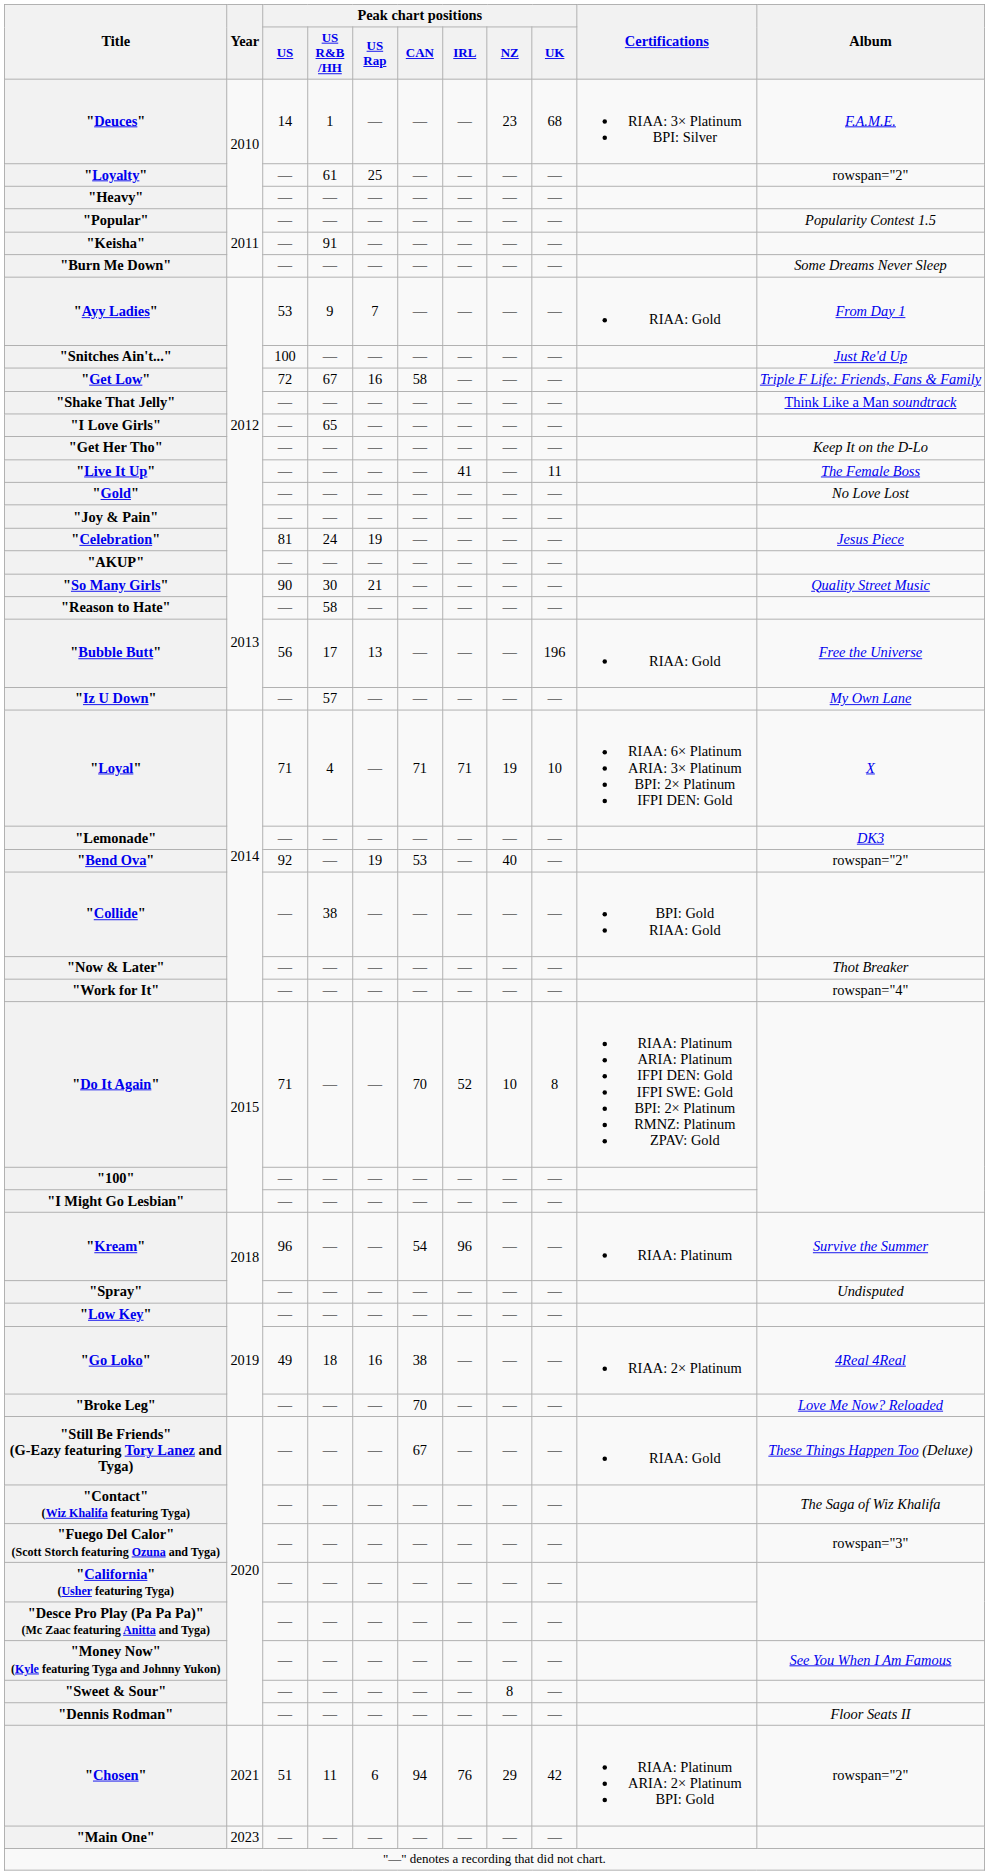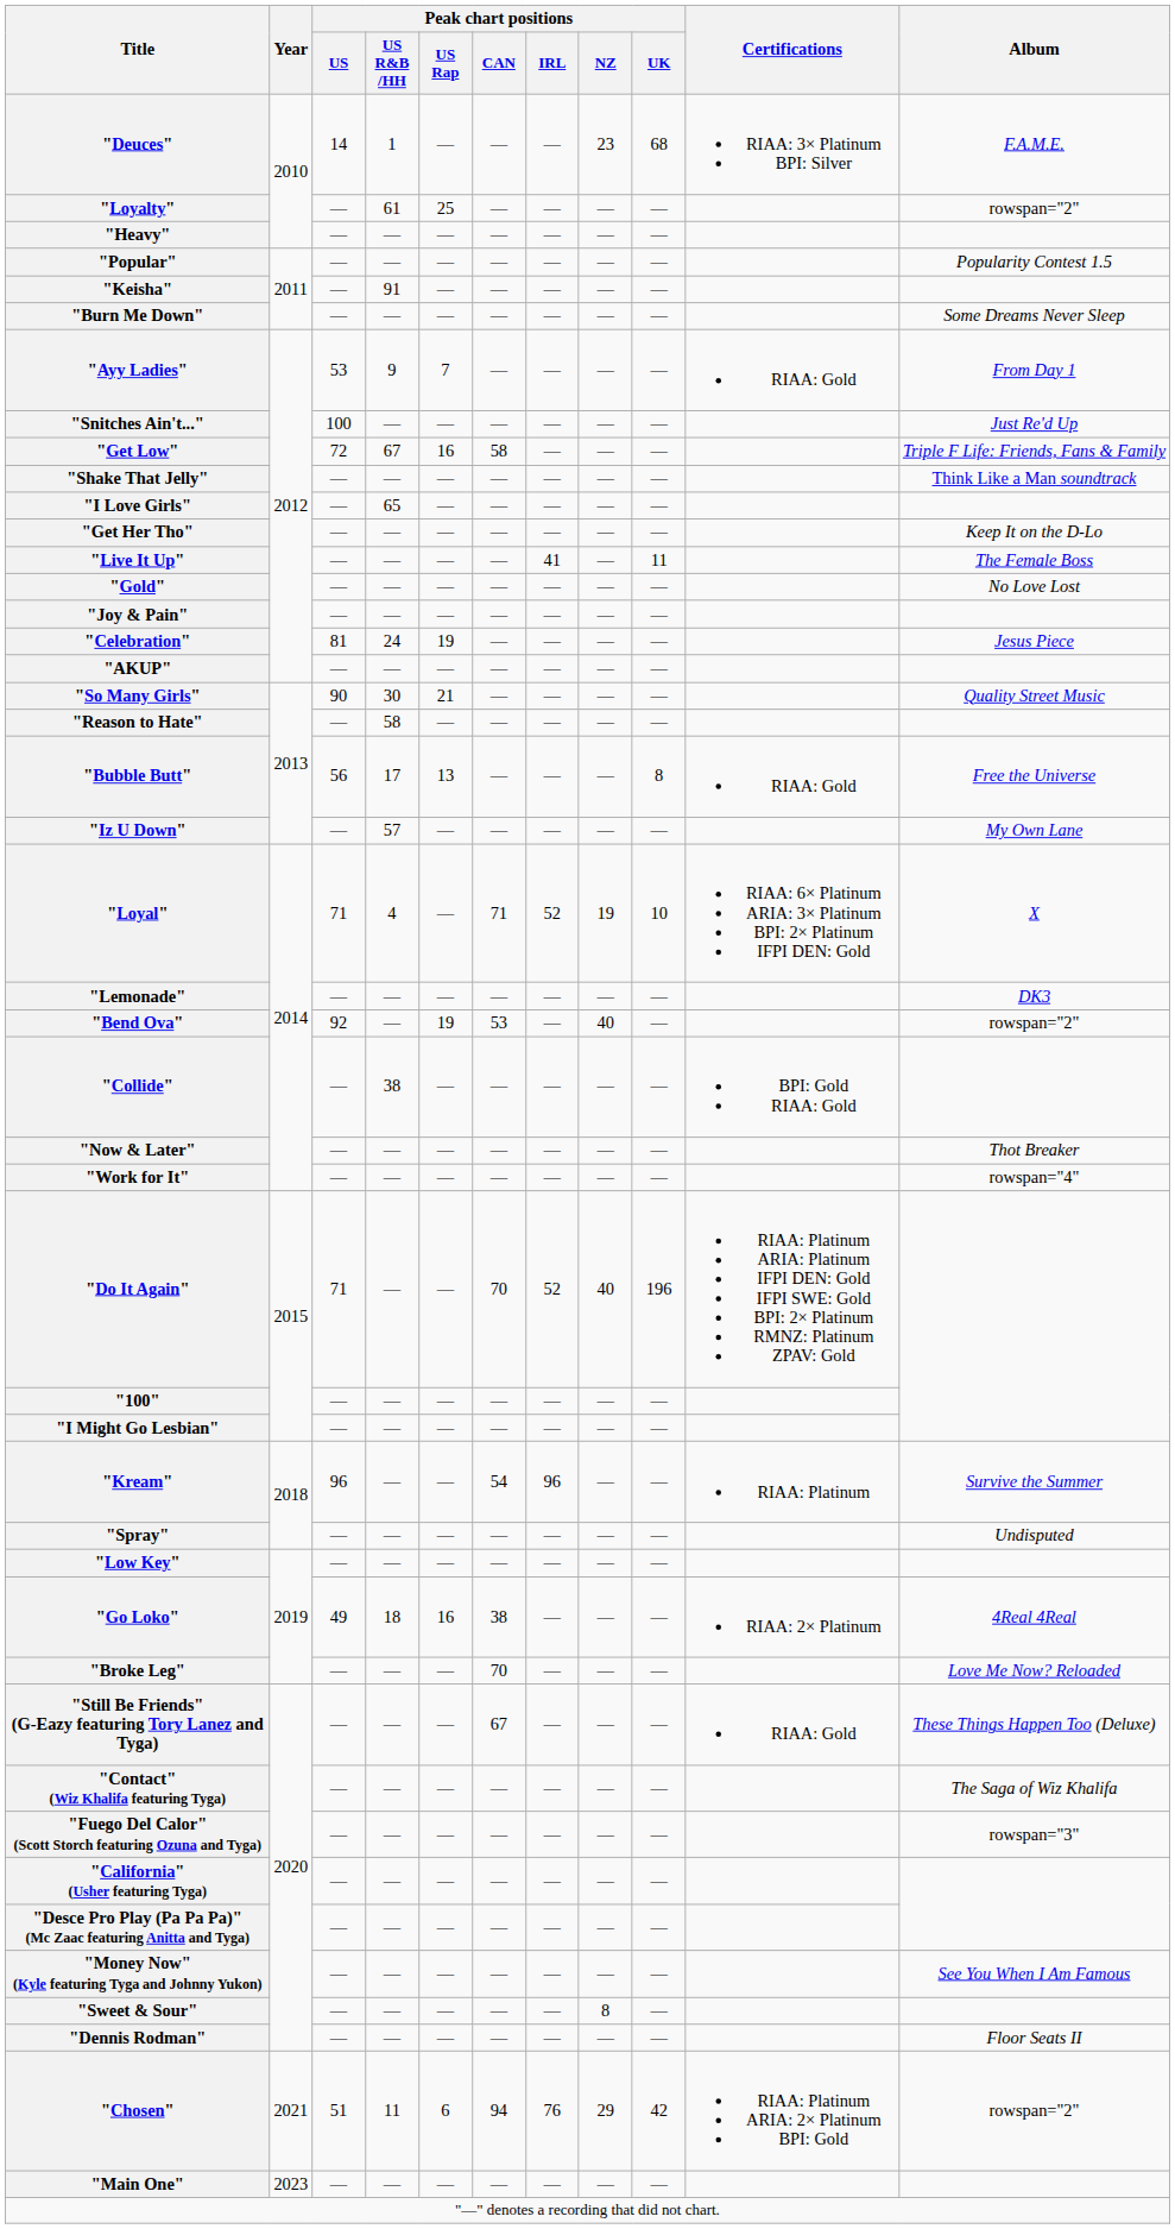 <table class="wikitable plainrowheaders" style="text-align:center;">
 <tr>
 <th scope="col" rowspan="2" style="width:15em;">Title</th>
 <th scope="col" rowspan="2">Year</th>
 <th scope="col" colspan="7">Peak chart positions</th>
 <th scope="col" rowspan="2" style="width:12em;"><a href='#'>Certifications</a></th>
 <th scope="col" rowspan="2">Album</th>
 </tr>
 <tr>
 <th style="width:3em; font-size:90%"><a href='#'>US</a><br></th>
 <th style="width:3em; font-size:90%"><a href='#'>US<br>R&B<br>/HH</a><br></th>
 <th style="width:3em; font-size:90%"><a href='#'>US<br>Rap</a><br></th>
 <th style="width:3em; font-size:90%"><a href='#'>CAN</a><br></th>
 <th style="width:3em; font-size:90%"><a href='#'>IRL</a><br></th>
 <th style="width:3em; font-size:90%"><a href='#'>NZ</a><br></th>
 <th style="width:3em; font-size:90%"><a href='#'>UK</a><br></th>
 </tr>
 <tr>
 <th scope="row">"<a href='#'>Deuces</a>"<br></th>
 <td rowspan="3">2010</td>
 <td>14</td>
 <td>1</td>
 <td>—</td>
 <td>—</td>
 <td>—</td>
 <td>23</td>
 <td>68</td>
 <td><br><ul><li>RIAA: 3× Platinum</li><li>BPI: Silver</li></ul></td>
 <td><em><a href='#'>F.A.M.E.</a></em></td>
 </tr>
 <tr>
 <th scope="row">"<a href='#'>Loyalty</a>"<br></th>
 <td>—</td>
 <td>61</td>
 <td>25</td>
 <td>—</td>
 <td>—</td>
 <td>—</td>
 <td>—</td>
 <td></td>
 <td>rowspan="2" </td>
 </tr>
 <tr>
 <th scope="row">"Heavy"<br></th>
 <td>—</td>
 <td>—</td>
 <td>—</td>
 <td>—</td>
 <td>—</td>
 <td>—</td>
 <td>—</td>
 <td></td>
 </tr>
 <tr>
 <th scope="row">"Popular"<br></th>
 <td rowspan="3">2011</td>
 <td>—</td>
 <td>—</td>
 <td>—</td>
 <td>—</td>
 <td>—</td>
 <td>—</td>
 <td>—</td>
 <td></td>
 <td><em>Popularity Contest 1.5</em></td>
 </tr>
 <tr>
 <th scope="row">"Keisha"<br></th>
 <td>—</td>
 <td>91</td>
 <td>—</td>
 <td>—</td>
 <td>—</td>
 <td>—</td>
 <td>—</td>
 <td></td>
 <td></td>
 </tr>
 <tr>
 <th scope="row">"Burn Me Down"<br></th>
 <td>—</td>
 <td>—</td>
 <td>—</td>
 <td>—</td>
 <td>—</td>
 <td>—</td>
 <td>—</td>
 <td></td>
 <td><em>Some Dreams Never Sleep</em></td>
 </tr>
 <tr>
 <th scope="row">"<a href='#'>Ayy Ladies</a>"<br></th>
 <td rowspan="11">2012</td>
 <td>53</td>
 <td>9</td>
 <td>7</td>
 <td>—</td>
 <td>—</td>
 <td>—</td>
 <td>—</td>
 <td><br><ul><li>RIAA: Gold</li></ul></td>
 <td><em><a href='#'>From Day 1</a></em></td>
 </tr>
 <tr>
 <th scope="row">"Snitches Ain't..."<br></th>
 <td>100</td>
 <td>—</td>
 <td>—</td>
 <td>—</td>
 <td>—</td>
 <td>—</td>
 <td>—</td>
 <td></td>
 <td><em><a href='#'>Just Re'd Up</a></em></td>
 </tr>
 <tr>
 <th scope="row">"<a href='#'>Get Low</a>"<br></th>
 <td>72</td>
 <td>67</td>
 <td>16</td>
 <td>58</td>
 <td>—</td>
 <td>—</td>
 <td>—</td>
 <td></td>
 <td><em><a href='#'>Triple F Life: Friends, Fans & Family</a></em></td>
 </tr>
 <tr>
 <th scope="row">"Shake That Jelly"<br></th>
 <td>—</td>
 <td>—</td>
 <td>—</td>
 <td>—</td>
 <td>—</td>
 <td>—</td>
 <td>—</td>
 <td></td>
 <td><em><a href='#'></em>Think Like a Man<em> soundtrack</a></em></td>
 </tr>
 <tr>
 <th scope="row">"I Love Girls"<br></th>
 <td>—</td>
 <td>65</td>
 <td>—</td>
 <td>—</td>
 <td>—</td>
 <td>—</td>
 <td>—</td>
 <td></td>
 <td></td>
 </tr>
 <tr>
 <th scope="row">"Get Her Tho"<br></th>
 <td>—</td>
 <td>—</td>
 <td>—</td>
 <td>—</td>
 <td>—</td>
 <td>—</td>
 <td>—</td>
 <td></td>
 <td><em>Keep It on the D-Lo</em></td>
 </tr>
 <tr>
 <th scope="row">"<a href='#'>Live It Up</a>"<br></th>
 <td>—</td>
 <td>—</td>
 <td>—</td>
 <td>—</td>
 <td>41</td>
 <td>—</td>
 <td>11</td>
 <td></td>
 <td><em><a href='#'>The Female Boss</a></em></td>
 </tr>
 <tr>
 <th scope="row">"<a href='#'>Gold</a>"<br></th>
 <td>—</td>
 <td>—</td>
 <td>—</td>
 <td>—</td>
 <td>—</td>
 <td>—</td>
 <td>—</td>
 <td></td>
 <td><em>No Love Lost</em></td>
 </tr>
 <tr>
 <th scope="row">"Joy & Pain"<br></th>
 <td>—</td>
 <td>—</td>
 <td>—</td>
 <td>—</td>
 <td>—</td>
 <td>—</td>
 <td>—</td>
 <td></td>
 </tr>
 <tr>
 <th scope="row">"<a href='#'>Celebration</a>"<br></th>
 <td>81</td>
 <td>24</td>
 <td>19</td>
 <td>—</td>
 <td>—</td>
 <td>—</td>
 <td>—</td>
 <td></td>
 <td><em><a href='#'>Jesus Piece</a></em></td>
 </tr>
 <tr>
 <th scope="row">"AKUP"<br></th>
 <td>—</td>
 <td>—</td>
 <td>—</td>
 <td>—</td>
 <td>—</td>
 <td>—</td>
 <td>—</td>
 <td></td>
 <td></td>
 </tr>
 <tr>
 <th scope="row">"<a href='#'>So Many Girls</a>"<br></th>
 <td rowspan="4">2013</td>
 <td>90</td>
 <td>30</td>
 <td>21</td>
 <td>—</td>
 <td>—</td>
 <td>—</td>
 <td>—</td>
 <td></td>
 <td><em><a href='#'>Quality Street Music</a></em></td>
 </tr>
 <tr>
 <th scope="row">"Reason to Hate"<br></th>
 <td>—</td>
 <td>58</td>
 <td>—</td>
 <td>—</td>
 <td>—</td>
 <td>—</td>
 <td>—</td>
 <td></td>
 <td></td>
 </tr>
 <tr>
 <th scope="row">"<a href='#'>Bubble Butt</a>"<br></th>
 <td>56</td>
 <td>17</td>
 <td>13</td>
 <td>—</td>
 <td>—</td>
 <td>—</td>
-<td>196</td>
+<td>8</td>
 <td><br><ul><li>RIAA: Gold</li></ul></td>
 <td><em><a href='#'>Free the Universe</a></em></td>
 </tr>
 <tr>
 <th scope="row">"<a href='#'>Iz U Down</a>"<br></th>
 <td>—</td>
 <td>57</td>
 <td>—</td>
 <td>—</td>
 <td>—</td>
 <td>—</td>
 <td>—</td>
 <td></td>
 <td><em><a href='#'>My Own Lane</a></em></td>
 </tr>
 <tr>
 <th scope="row">"<a href='#'>Loyal</a>"<br></th>
 <td rowspan="6">2014</td>
 <td>71</td>
 <td>4</td>
 <td>—</td>
 <td>71</td>
-<td>71</td>
+<td>52</td>
 <td>19</td>
 <td>10</td>
 <td><br><ul><li>RIAA: 6× Platinum</li><li>ARIA: 3× Platinum</li><li>BPI: 2× Platinum</li><li>IFPI DEN: Gold</li></ul></td>
 <td><em><a href='#'>X</a></em></td>
 </tr>
 <tr>
 <th scope="row">"Lemonade"<br></th>
 <td>—</td>
 <td>—</td>
 <td>—</td>
 <td>—</td>
 <td>—</td>
 <td>—</td>
 <td>—</td>
 <td></td>
 <td><em><a href='#'>DK3</a></em></td>
 </tr>
 <tr>
 <th scope="row">"<a href='#'>Bend Ova</a>"<br></th>
 <td>92</td>
 <td>—</td>
 <td>19</td>
 <td>53</td>
 <td>—</td>
 <td>40</td>
 <td>—</td>
 <td></td>
 <td>rowspan="2" </td>
 </tr>
 <tr>
 <th scope="row">"<a href='#'>Collide</a>"<br></th>
 <td>—</td>
 <td>38</td>
 <td>—</td>
 <td>—</td>
 <td>—</td>
 <td>—</td>
 <td>—</td>
 <td><br><ul><li>BPI: Gold</li><li>RIAA: Gold</li></ul></td>
 </tr>
 <tr>
 <th scope="row">"Now & Later"<br></th>
 <td>—</td>
 <td>—</td>
 <td>—</td>
 <td>—</td>
 <td>—</td>
 <td>—</td>
 <td>—</td>
 <td></td>
 <td><em>Thot Breaker</em></td>
 </tr>
 <tr>
 <th scope="row">"Work for It"<br></th>
 <td>—</td>
 <td>—</td>
 <td>—</td>
 <td>—</td>
 <td>—</td>
 <td>—</td>
 <td>—</td>
 <td></td>
 <td>rowspan="4" </td>
 </tr>
 <tr>
 <th scope="row">"<a href='#'>Do It Again</a>"<br></th>
 <td rowspan="3">2015</td>
 <td>71</td>
 <td>—</td>
 <td>—</td>
 <td>70</td>
 <td>52</td>
-<td>10</td>
-<td>8</td>
+<td>40</td>
+<td>196</td>
 <td><br><ul><li>RIAA: Platinum</li><li>ARIA: Platinum</li><li>IFPI DEN: Gold</li><li>IFPI SWE: Gold</li><li>BPI: 2× Platinum</li><li>RMNZ: Platinum</li><li>ZPAV: Gold</li></ul></td>
 </tr>
 <tr>
 <th scope="row">"100"<br></th>
 <td>—</td>
 <td>—</td>
 <td>—</td>
 <td>—</td>
 <td>—</td>
 <td>—</td>
 <td>—</td>
 <td></td>
 </tr>
 <tr>
 <th scope="row">"I Might Go Lesbian"<br></th>
 <td>—</td>
 <td>—</td>
 <td>—</td>
 <td>—</td>
 <td>—</td>
 <td>—</td>
 <td>—</td>
 <td></td>
 </tr>
 <tr>
 <th scope="row">"<a href='#'>Kream</a>"<br></th>
 <td rowspan="2">2018</td>
 <td>96</td>
 <td>—</td>
 <td>—</td>
 <td>54</td>
 <td>96</td>
 <td>—</td>
 <td>—</td>
 <td><br><ul><li>RIAA: Platinum</li></ul></td>
 <td><em><a href='#'>Survive the Summer</a></em></td>
 </tr>
 <tr>
 <th scope="row">"Spray"<br></th>
 <td>—</td>
 <td>—</td>
 <td>—</td>
 <td>—</td>
 <td>—</td>
 <td>—</td>
 <td>—</td>
 <td></td>
 <td><em>Undisputed</em></td>
 </tr>
 <tr>
 <th scope="row">"<a href='#'>Low Key</a>"<br></th>
 <td rowspan="3">2019</td>
 <td>—</td>
 <td>—</td>
 <td>—</td>
 <td>—</td>
 <td>—</td>
 <td>—</td>
 <td>—</td>
 <td></td>
 <td></td>
 </tr>
 <tr>
 <th scope="row">"<a href='#'>Go Loko</a>"<br></th>
 <td>49</td>
 <td>18</td>
 <td>16</td>
 <td>38</td>
 <td>—</td>
 <td>—</td>
 <td>—</td>
 <td><br><ul><li>RIAA: 2× Platinum</li></ul></td>
 <td><em><a href='#'>4Real 4Real</a></em></td>
 </tr>
 <tr>
 <th scope="row">"Broke Leg"<br></th>
 <td>—</td>
 <td>—</td>
 <td>—</td>
 <td>70</td>
 <td>—</td>
 <td>—</td>
 <td>—</td>
 <td></td>
 <td><em> <a href='#'>Love Me Now? Reloaded</a></em></td>
 </tr>
 <tr>
 <th scope="row">"Still Be Friends"<br><span>(G-Eazy featuring <a href='#'>Tory Lanez</a> and Tyga)</span></th>
 <td rowspan="8">2020</td>
 <td>—</td>
 <td>—</td>
 <td>—</td>
 <td>67</td>
 <td>—</td>
 <td>—</td>
 <td>—</td>
 <td><br><ul><li>RIAA: Gold</li></ul></td>
 <td><em><a href='#'>These Things Happen Too</a> (Deluxe)</em></td>
 </tr>
 <tr>
 <th scope="row">"Contact"<br><small>(<a href='#'>Wiz Khalifa</a> featuring Tyga)</small></th>
 <td>—</td>
 <td>—</td>
 <td>—</td>
 <td>—</td>
 <td>—</td>
 <td>—</td>
 <td>—</td>
 <td></td>
 <td><em>The Saga of Wiz Khalifa</em></td>
 </tr>
 <tr>
 <th scope="row">"Fuego Del Calor"<br><small>(Scott Storch featuring <a href='#'>Ozuna</a> and Tyga)</small></th>
 <td>—</td>
 <td>—</td>
 <td>—</td>
 <td>—</td>
 <td>—</td>
 <td>—</td>
 <td>—</td>
 <td></td>
 <td>rowspan="3" </td>
 </tr>
 <tr>
 <th scope="row">"<a href='#'>California</a>"<br><small>(<a href='#'>Usher</a> featuring Tyga)</small></th>
 <td>—</td>
 <td>—</td>
 <td>—</td>
 <td>—</td>
 <td>—</td>
 <td>—</td>
 <td>—</td>
 <td></td>
 </tr>
 <tr>
 <th scope="row">"Desce Pro Play (Pa Pa Pa)"<br><small>(Mc Zaac featuring <a href='#'>Anitta</a> and Tyga)</small></th>
 <td>—</td>
 <td>—</td>
 <td>—</td>
 <td>—</td>
 <td>—</td>
 <td>—</td>
 <td>—</td>
 <td></td>
 </tr>
 <tr>
 <th scope="row">"Money Now"<br><small>(<a href='#'>Kyle</a> featuring Tyga and Johnny Yukon)</small></th>
 <td>—</td>
 <td>—</td>
 <td>—</td>
 <td>—</td>
 <td>—</td>
 <td>—</td>
 <td>—</td>
 <td></td>
 <td><em><a href='#'>See You When I Am Famous</a></em></td>
 </tr>
 <tr>
 <th scope="row">"Sweet & Sour"<br></th>
 <td>—</td>
 <td>—</td>
 <td>—</td>
 <td>—</td>
 <td>—</td>
 <td>8</td>
 <td>—</td>
 <td></td>
 <td></td>
 </tr>
 <tr>
 <th scope="row">"Dennis Rodman"<br></th>
 <td>—</td>
 <td>—</td>
 <td>—</td>
 <td>—</td>
 <td>—</td>
 <td>—</td>
 <td>—</td>
 <td></td>
 <td><em>Floor Seats II</em></td>
 </tr>
 <tr>
 <th scope="row">"<a href='#'>Chosen</a>"<br></th>
 <td>2021</td>
 <td>51</td>
 <td>11</td>
 <td>6</td>
 <td>94</td>
 <td>76</td>
 <td>29</td>
 <td>42</td>
 <td><br><ul><li>RIAA: Platinum</li><li>ARIA: 2× Platinum</li><li>BPI: Gold</li></ul></td>
 <td>rowspan="2" </td>
 </tr>
 <tr>
 <th scope="row">"Main One"<br></th>
 <td>2023</td>
 <td>―</td>
 <td>―</td>
 <td>—</td>
 <td>—</td>
 <td>—</td>
 <td>—</td>
 <td>—</td>
 <td></td>
 <td></td>
 </tr>
 <tr>
 <td colspan="14" style="font-size:90%">"—" denotes a recording that did not chart.</td>
 </tr>
 </table>
